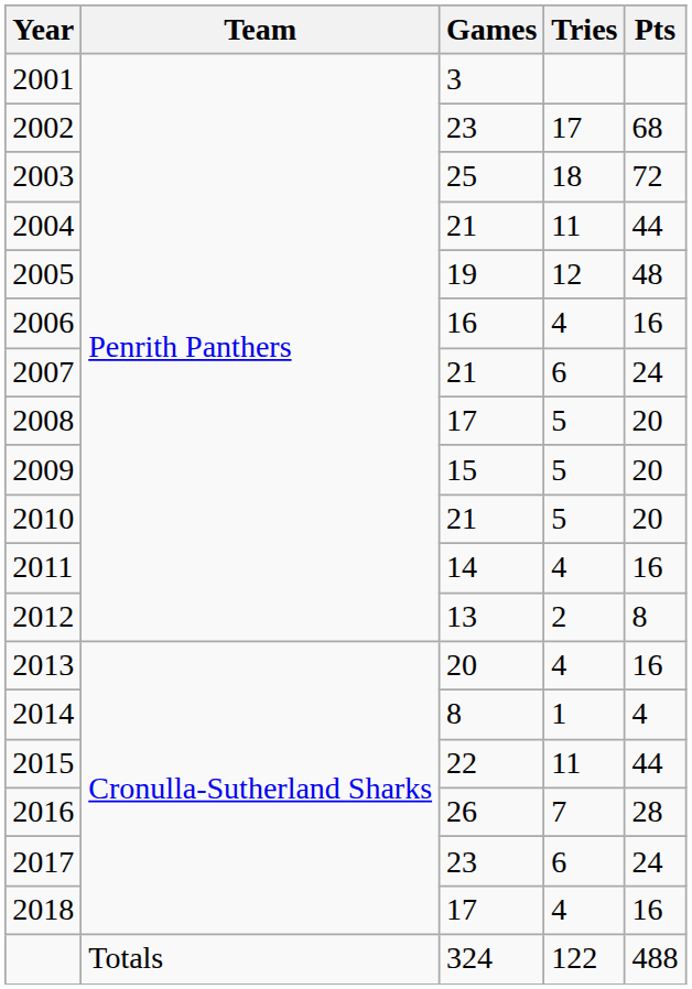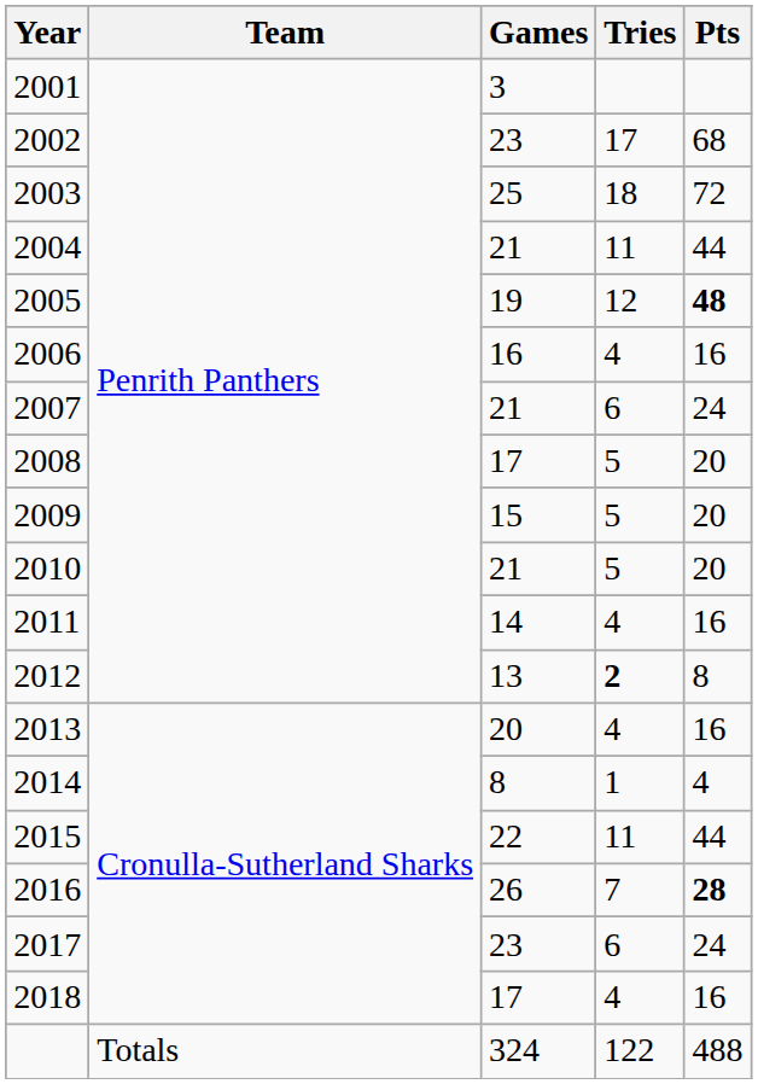 <table class="wikitable">
 <tr>
 <th>Year</th>
 <th>Team</th>
 <th>Games</th>
 <th>Tries</th>
 <th>Pts</th>
 </tr>
 <tr>
 <td>2001</td>
 <td rowspan="12"> <a href='#'>Penrith Panthers</a></td>
 <td>3</td>
 <td></td>
 <td></td>
 </tr>
 <tr>
 <td>2002</td>
 <td>23</td>
 <td>17</td>
 <td>68</td>
 </tr>
 <tr>
 <td>2003</td>
 <td>25</td>
 <td>18</td>
 <td>72</td>
 </tr>
 <tr>
 <td>2004</td>
 <td>21</td>
 <td>11</td>
 <td>44</td>
 </tr>
 <tr>
 <td>2005</td>
 <td>19</td>
 <td>12</td>
-<td>48</td>
+<td><strong>48</strong></td>
 </tr>
 <tr>
 <td>2006</td>
 <td>16</td>
 <td>4</td>
 <td>16</td>
 </tr>
 <tr>
 <td>2007</td>
 <td>21</td>
 <td>6</td>
 <td>24</td>
 </tr>
 <tr>
 <td>2008</td>
 <td>17</td>
 <td>5</td>
 <td>20</td>
 </tr>
 <tr>
 <td>2009</td>
 <td>15</td>
 <td>5</td>
 <td>20</td>
 </tr>
 <tr>
 <td>2010</td>
 <td>21</td>
 <td>5</td>
 <td>20</td>
 </tr>
 <tr>
 <td>2011</td>
 <td>14</td>
 <td>4</td>
 <td>16</td>
 </tr>
 <tr>
 <td>2012</td>
 <td>13</td>
-<td>2</td>
+<td><strong>2</strong></td>
 <td>8</td>
 </tr>
 <tr>
 <td>2013</td>
 <td rowspan="6"> <a href='#'>Cronulla-Sutherland Sharks</a></td>
 <td>20</td>
 <td>4</td>
 <td>16</td>
 </tr>
 <tr>
 <td>2014</td>
 <td>8</td>
 <td>1</td>
 <td>4</td>
 </tr>
 <tr>
 <td>2015</td>
 <td>22</td>
 <td>11</td>
 <td>44</td>
 </tr>
 <tr>
 <td>2016</td>
 <td>26</td>
 <td>7</td>
-<td>28</td>
+<td><strong>28</strong></td>
 </tr>
 <tr>
 <td>2017</td>
 <td>23</td>
 <td>6</td>
 <td>24</td>
 </tr>
 <tr>
 <td>2018</td>
 <td>17</td>
 <td>4</td>
 <td>16</td>
 </tr>
 <tr>
 <td></td>
 <td>Totals</td>
 <td>324</td>
 <td>122</td>
 <td>488</td>
 </tr>
 </table>
